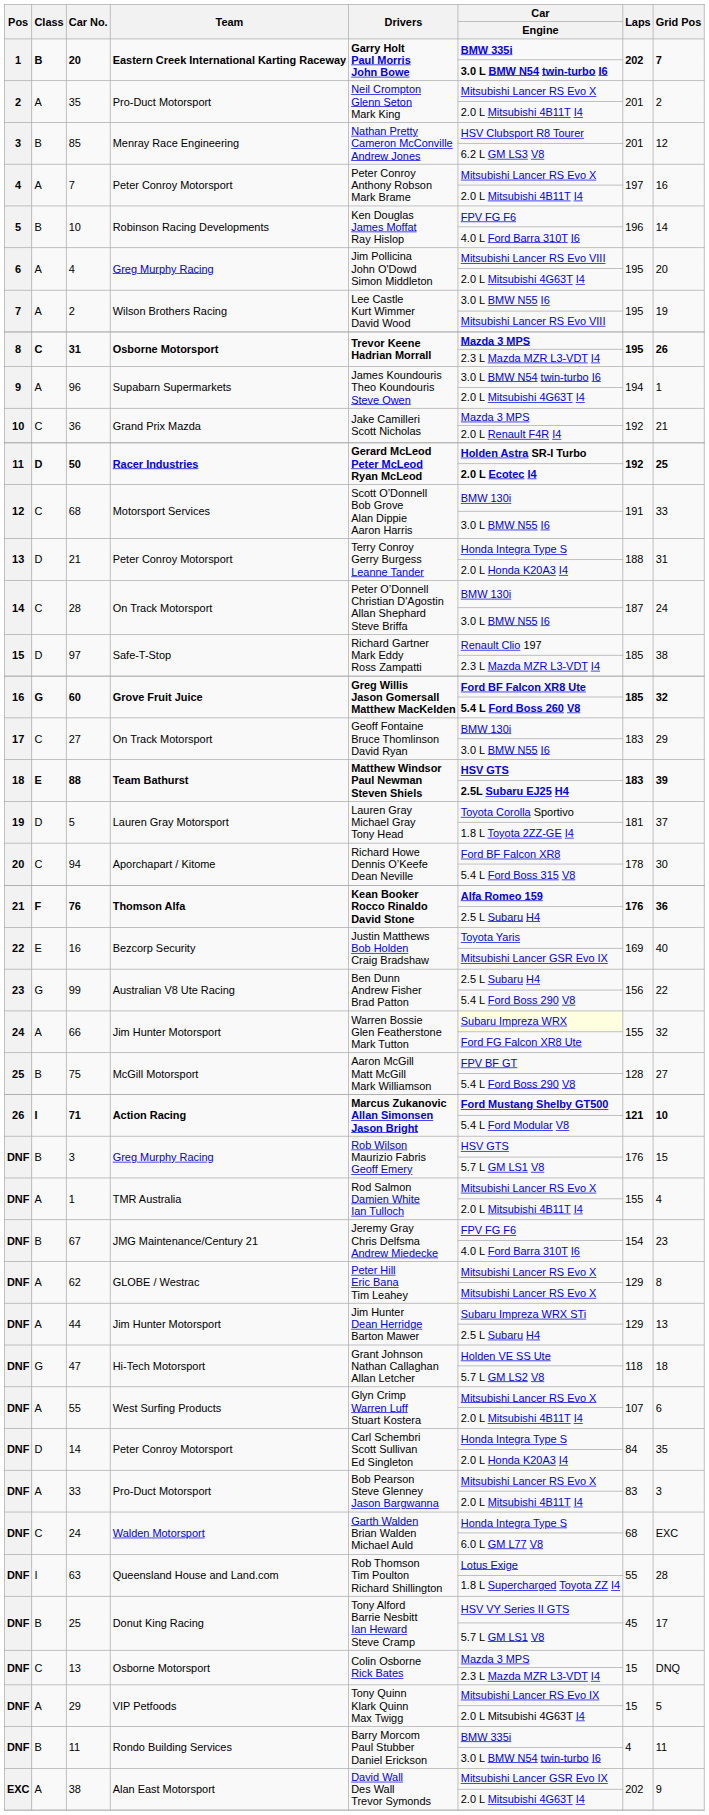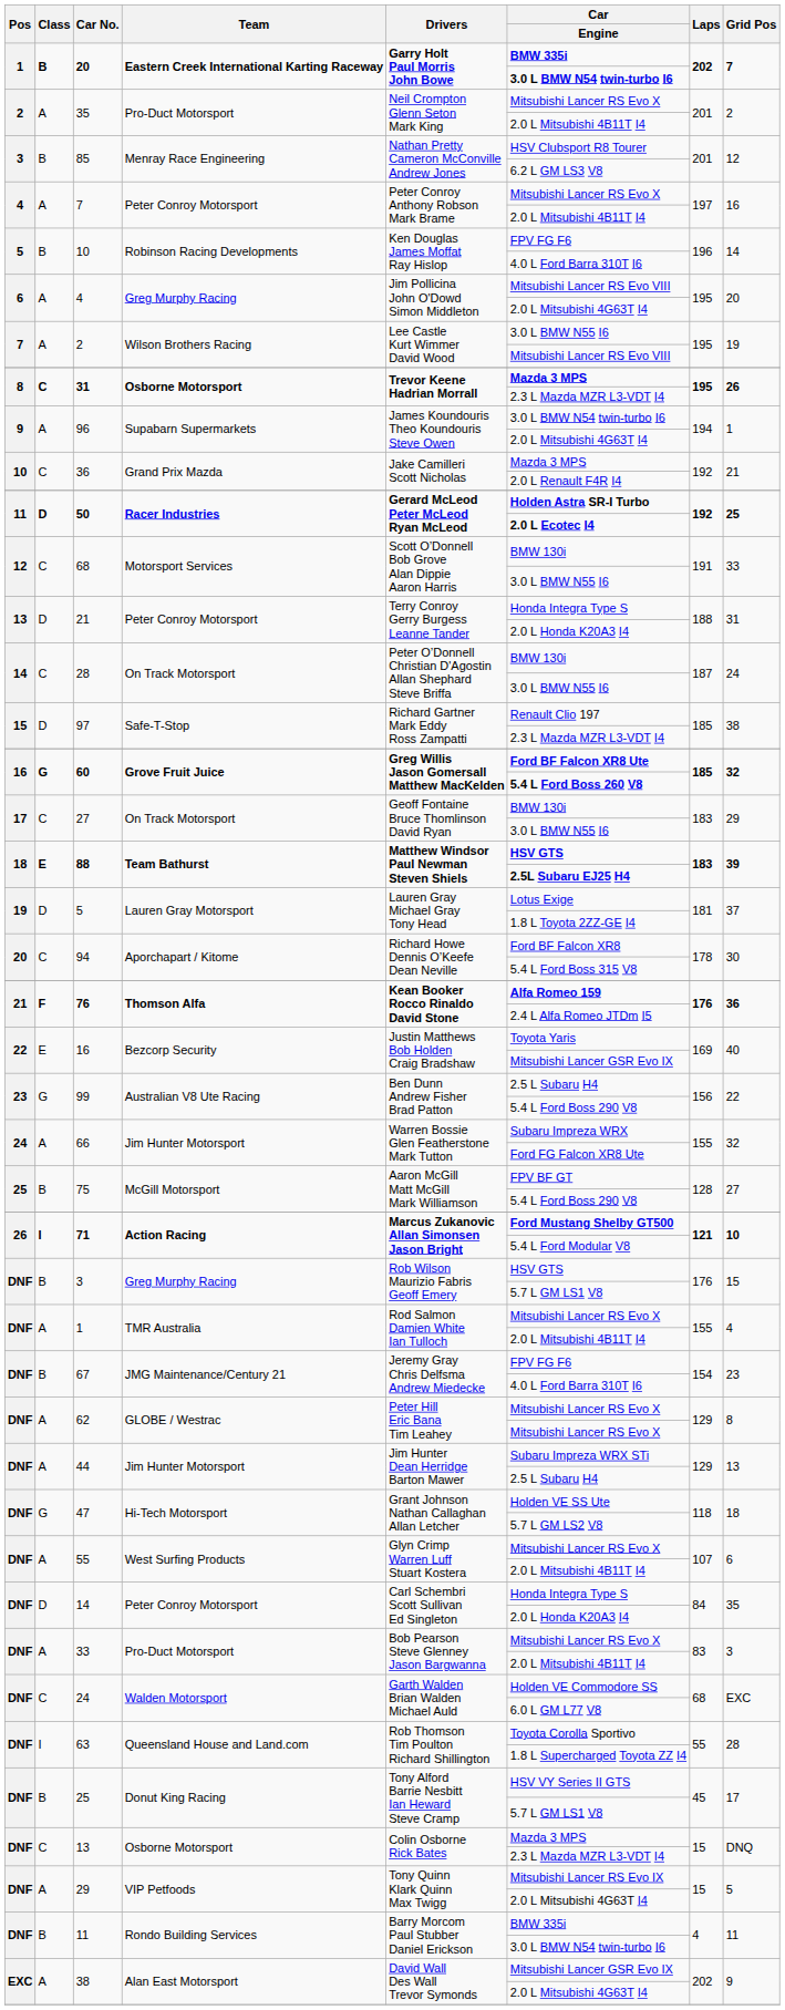 <table class="wikitable" style="font-size: 95%;">
 <tr style="font-weight:bold">
 <th rowspan=2>Pos</th>
 <th rowspan=2>Class</th>
 <th rowspan=2>Car No.</th>
 <th rowspan=2>Team</th>
 <th rowspan=2>Drivers</th>
 <th>Car</th>
 <th rowspan=2>Laps</th>
 <th rowspan=2>Grid Pos</th>
 </tr>
 <tr>
 <th>Engine</th>
 </tr>
 <tr style="font-weight:bold">
 <th rowspan=2>1</th>
 <td rowspan=2>B</td>
 <td rowspan=2>20</td>
 <td rowspan=2>Eastern Creek International Karting Raceway</td>
 <td rowspan=2> Garry Holt<br>  <a href='#'>Paul Morris</a><br>  <a href='#'>John Bowe</a></td>
 <td><a href='#'>BMW 335i</a></td>
 <td rowspan=2>202</td>
 <td rowspan=2>7</td>
 </tr>
 <tr style="font-weight:bold">
 <td>3.0 L <a href='#'>BMW N54</a> <a href='#'>twin-turbo</a> <a href='#'>I6</a></td>
 </tr>
 <tr>
 <th rowspan=2>2</th>
 <td rowspan=2>A</td>
 <td rowspan=2>35</td>
 <td rowspan=2>Pro-Duct Motorsport</td>
 <td rowspan=2> <a href='#'>Neil Crompton</a><br> <a href='#'>Glenn Seton</a><br> Mark King</td>
 <td><a href='#'>Mitsubishi Lancer RS Evo X</a></td>
 <td rowspan=2>201</td>
 <td rowspan=2>2</td>
 </tr>
 <tr>
 <td>2.0 L <a href='#'>Mitsubishi 4B11T</a> <a href='#'>I4</a></td>
 </tr>
 <tr>
 <th rowspan=2>3</th>
 <td rowspan=2>B</td>
 <td rowspan=2>85</td>
 <td rowspan=2>Menray Race Engineering</td>
 <td rowspan=2> <a href='#'>Nathan Pretty</a><br>  <a href='#'>Cameron McConville</a><br>  <a href='#'>Andrew Jones</a></td>
 <td><a href='#'>HSV Clubsport R8 Tourer</a></td>
 <td rowspan=2>201</td>
 <td rowspan=2>12</td>
 </tr>
 <tr>
 <td>6.2 L <a href='#'>GM LS3</a> <a href='#'>V8</a></td>
 </tr>
 <tr>
 <th rowspan=2>4</th>
 <td rowspan=2>A</td>
 <td rowspan=2>7</td>
 <td rowspan=2>Peter Conroy Motorsport</td>
 <td rowspan=2> Peter Conroy<br>  Anthony Robson<br>  Mark Brame</td>
 <td><a href='#'>Mitsubishi Lancer RS Evo X</a></td>
 <td rowspan=2>197</td>
 <td rowspan=2>16</td>
 </tr>
 <tr>
 <td>2.0 L <a href='#'>Mitsubishi 4B11T</a> <a href='#'>I4</a></td>
 </tr>
 <tr>
 <th rowspan=2>5</th>
 <td rowspan=2>B</td>
 <td rowspan=2>10</td>
 <td rowspan=2>Robinson Racing Developments</td>
 <td rowspan=2> Ken Douglas<br> <a href='#'>James Moffat</a><br> Ray Hislop</td>
 <td><a href='#'>FPV FG F6</a></td>
 <td rowspan=2>196</td>
 <td rowspan=2>14</td>
 </tr>
 <tr>
 <td>4.0 L <a href='#'>Ford Barra 310T</a> <a href='#'>I6</a></td>
 </tr>
 <tr>
 <th rowspan=2>6</th>
 <td rowspan=2>A</td>
 <td rowspan=2>4</td>
 <td rowspan=2><a href='#'>Greg Murphy Racing</a></td>
 <td rowspan=2> Jim Pollicina<br> John O'Dowd<br> Simon Middleton</td>
 <td><a href='#'>Mitsubishi Lancer RS Evo VIII</a></td>
 <td rowspan=2>195</td>
 <td rowspan=2>20</td>
 </tr>
 <tr>
 <td>2.0 L <a href='#'>Mitsubishi 4G63T</a> <a href='#'>I4</a></td>
 </tr>
 <tr>
 <th rowspan=2>7</th>
 <td rowspan=2>A</td>
 <td rowspan=2>2</td>
 <td rowspan=2>Wilson Brothers Racing</td>
 <td rowspan=2> Lee Castle<br>  Kurt Wimmer<br> David Wood</td>
 <td>3.0 L <a href='#'>BMW N55</a> <a href='#'>I6</a></td>
 <td rowspan=2>195</td>
 <td rowspan=2>19</td>
 </tr>
 <tr>
 <td><a href='#'>Mitsubishi Lancer RS Evo VIII</a></td>
 </tr>
 <tr>
 </tr>
 <tr style="font-weight:bold">
 <th rowspan=2>8</th>
 <td rowspan=2>C</td>
 <td rowspan=2>31</td>
 <td rowspan=2>Osborne Motorsport</td>
 <td rowspan=2> Trevor Keene<br> Hadrian Morrall</td>
 <td><a href='#'>Mazda 3 MPS</a></td>
 <td rowspan=2>195</td>
 <td rowspan=2>26</td>
 </tr>
 <tr>
 <td>2.3 L <a href='#'>Mazda MZR L3-VDT</a> <a href='#'>I4</a></td>
 </tr>
 <tr>
 <th rowspan=2>9</th>
 <td rowspan=2>A</td>
 <td rowspan=2>96</td>
 <td rowspan=2>Supabarn Supermarkets</td>
 <td rowspan=2> James Koundouris<br>  Theo Koundouris<br>  <a href='#'>Steve Owen</a></td>
 <td>3.0 L <a href='#'>BMW N54</a> <a href='#'>twin-turbo</a> <a href='#'>I6</a></td>
 <td rowspan=2>194</td>
 <td rowspan=2>1</td>
 </tr>
 <tr>
 <td>2.0 L <a href='#'>Mitsubishi 4G63T</a> <a href='#'>I4</a></td>
 </tr>
 <tr>
 <th rowspan=2>10</th>
 <td rowspan=2>C</td>
 <td rowspan=2>36</td>
 <td rowspan=2>Grand Prix Mazda</td>
 <td rowspan=2> Jake Camilleri<br> Scott Nicholas</td>
 <td><a href='#'>Mazda 3 MPS</a></td>
 <td rowspan=2>192</td>
 <td rowspan=2>21</td>
 </tr>
 <tr>
 <td>2.0 L <a href='#'>Renault F4R</a> <a href='#'>I4</a></td>
 </tr>
 <tr>
 </tr>
 <tr style="font-weight:bold">
 <th rowspan=2>11</th>
 <td rowspan=2>D</td>
 <td rowspan=2>50</td>
 <td rowspan=2><a href='#'>Racer Industries</a></td>
 <td rowspan=2> Gerard McLeod<br> <a href='#'>Peter McLeod</a><br> Ryan McLeod</td>
 <td><a href='#'>Holden Astra</a> SR-I Turbo</td>
 <td rowspan=2>192</td>
 <td rowspan=2>25</td>
 </tr>
 <tr style="font-weight:bold">
 <td>2.0 L <a href='#'>Ecotec</a> <a href='#'>I4</a></td>
 </tr>
 <tr>
 <th rowspan=2>12</th>
 <td rowspan=2>C</td>
 <td rowspan=2>68</td>
 <td rowspan=2>Motorsport Services</td>
 <td rowspan=2> Scott O’Donnell<br> Bob Grove<br> Alan Dippie<br> Aaron Harris</td>
 <td><a href='#'>BMW 130i</a></td>
 <td rowspan=2>191</td>
 <td rowspan=2>33</td>
 </tr>
 <tr>
 <td>3.0 L <a href='#'>BMW N55</a> <a href='#'>I6</a></td>
 </tr>
 <tr>
 <th rowspan=2>13</th>
 <td rowspan=2>D</td>
 <td rowspan=2>21</td>
 <td rowspan=2>Peter Conroy Motorsport</td>
 <td rowspan=2> Terry Conroy<br> Gerry Burgess<br> <a href='#'>Leanne Tander</a></td>
 <td><a href='#'>Honda Integra Type S</a></td>
 <td rowspan=2>188</td>
 <td rowspan=2>31</td>
 </tr>
 <tr>
 <td>2.0 L <a href='#'>Honda K20A3</a> <a href='#'>I4</a></td>
 </tr>
 <tr>
 <th rowspan=2>14</th>
 <td rowspan=2>C</td>
 <td rowspan=2>28</td>
 <td rowspan=2>On Track Motorsport</td>
 <td rowspan=2> Peter O’Donnell<br> Christian D'Agostin<br> Allan Shephard<br> Steve Briffa</td>
 <td><a href='#'>BMW 130i</a></td>
 <td rowspan=2>187</td>
 <td rowspan=2>24</td>
 </tr>
 <tr>
 <td>3.0 L <a href='#'>BMW N55</a> <a href='#'>I6</a></td>
 </tr>
 <tr>
 <th rowspan=2>15</th>
 <td rowspan=2>D</td>
 <td rowspan=2>97</td>
 <td rowspan=2>Safe-T-Stop</td>
 <td rowspan=2> Richard Gartner<br>  Mark Eddy<br>  Ross Zampatti</td>
 <td><a href='#'>Renault Clio</a> 197</td>
 <td rowspan=2>185</td>
 <td rowspan=2>38</td>
 </tr>
 <tr>
 <td>2.3 L <a href='#'>Mazda MZR L3-VDT</a> <a href='#'>I4</a></td>
 </tr>
 <tr>
 </tr>
 <tr style="font-weight:bold">
 <th rowspan=2>16</th>
 <td rowspan=2>G</td>
 <td rowspan=2>60</td>
 <td rowspan=2>Grove Fruit Juice</td>
 <td rowspan=2> Greg Willis<br> Jason Gomersall<br> Matthew MacKelden</td>
 <td><a href='#'>Ford BF Falcon XR8 Ute</a></td>
 <td rowspan=2>185</td>
 <td rowspan=2>32</td>
 </tr>
 <tr style="font-weight:bold">
 <td>5.4 L <a href='#'>Ford Boss 260</a> <a href='#'>V8</a></td>
 </tr>
 <tr>
 <th rowspan=2>17</th>
 <td rowspan=2>C</td>
 <td rowspan=2>27</td>
 <td rowspan=2>On Track Motorsport</td>
 <td rowspan=2> Geoff Fontaine<br> Bruce Thomlinson<br> David Ryan</td>
 <td><a href='#'>BMW 130i</a></td>
 <td rowspan=2>183</td>
 <td rowspan=2>29</td>
 </tr>
 <tr>
 <td>3.0 L <a href='#'>BMW N55</a> <a href='#'>I6</a></td>
 </tr>
 <tr style="font-weight:bold">
 <th rowspan=2>18</th>
 <td rowspan=2>E</td>
 <td rowspan=2>88</td>
 <td rowspan=2>Team Bathurst</td>
 <td rowspan=2> Matthew Windsor<br> Paul Newman<br> Steven Shiels</td>
 <td><a href='#'>HSV GTS</a></td>
 <td rowspan=2>183</td>
 <td rowspan=2>39</td>
 </tr>
 <tr style="font-weight:bold">
 <td>2.5L <a href='#'>Subaru EJ25</a> <a href='#'>H4</a></td>
 </tr>
 <tr>
 <th rowspan=2>19</th>
 <td rowspan=2>D</td>
 <td rowspan=2>5</td>
 <td rowspan=2>Lauren Gray Motorsport</td>
 <td rowspan=2> Lauren Gray<br> Michael Gray<br> Tony Head</td>
-<td><a href='#'>Toyota Corolla</a> Sportivo</td>
+<td><a href='#'>Lotus Exige</a></td>
 <td rowspan=2>181</td>
 <td rowspan=2>37</td>
 </tr>
 <tr>
 <td>1.8 L <a href='#'>Toyota 2ZZ-GE</a> <a href='#'>I4</a></td>
 </tr>
 <tr>
 <th rowspan=2>20</th>
 <td rowspan=2>C</td>
 <td rowspan=2>94</td>
 <td rowspan=2>Aporchapart / Kitome</td>
 <td rowspan=2> Richard Howe<br> Dennis O’Keefe<br> Dean Neville</td>
 <td><a href='#'>Ford BF Falcon XR8</a></td>
 <td rowspan=2>178</td>
 <td rowspan=2>30</td>
 </tr>
 <tr>
 <td>5.4 L <a href='#'>Ford Boss 315</a> <a href='#'>V8</a></td>
 </tr>
 <tr>
 </tr>
 <tr style="font-weight:bold">
 <th rowspan=2>21</th>
 <td rowspan=2>F</td>
 <td rowspan=2>76</td>
 <td rowspan=2>Thomson Alfa</td>
 <td rowspan=2> Kean Booker<br> Rocco Rinaldo<br> David Stone</td>
 <td><a href='#'>Alfa Romeo 159</a></td>
 <td rowspan=2>176</td>
 <td rowspan=2>36</td>
 </tr>
 <tr>
-<td>2.5 L <a href='#'>Subaru</a> <a href='#'>H4</a></td>
+<td>2.4 L <a href='#'>Alfa Romeo JTDm</a> <a href='#'>I5</a></td>
 </tr>
 <tr>
 <th rowspan=2>22</th>
 <td rowspan=2>E</td>
 <td rowspan=2>16</td>
 <td rowspan=2>Bezcorp Security</td>
 <td rowspan=2> Justin Matthews<br> <a href='#'>Bob Holden</a><br> Craig Bradshaw</td>
 <td><a href='#'>Toyota Yaris</a></td>
 <td rowspan=2>169</td>
 <td rowspan=2>40</td>
 </tr>
 <tr>
 <td><a href='#'>Mitsubishi Lancer GSR Evo IX</a></td>
 </tr>
 <tr>
 <th rowspan=2>23</th>
 <td rowspan=2>G</td>
 <td rowspan=2>99</td>
 <td rowspan=2>Australian V8 Ute Racing</td>
 <td rowspan=2> Ben Dunn<br> Andrew Fisher<br> Brad Patton</td>
 <td>2.5 L <a href='#'>Subaru</a> <a href='#'>H4</a></td>
 <td rowspan=2>156</td>
 <td rowspan=2>22</td>
 </tr>
 <tr>
 <td>5.4 L <a href='#'>Ford Boss 290</a> <a href='#'>V8</a></td>
 </tr>
 <tr>
 <th rowspan=2>24</th>
 <td rowspan=2>A</td>
 <td rowspan=2>66</td>
 <td rowspan=2>Jim Hunter Motorsport</td>
 <td rowspan=2> Warren Bossie<br> Glen Featherstone<br> Mark Tutton</td>
-<td style="background: lightyellow;"><a href='#'>Subaru Impreza WRX</a></td>
+<td><a href='#'>Subaru Impreza WRX</a></td>
 <td rowspan=2>155</td>
 <td rowspan=2>32</td>
 </tr>
 <tr>
 <td><a href='#'>Ford FG Falcon XR8 Ute</a></td>
 </tr>
 <tr>
 <th rowspan=2>25</th>
 <td rowspan=2>B</td>
 <td rowspan=2>75</td>
 <td rowspan=2>McGill Motorsport</td>
 <td rowspan=2> Aaron McGill<br> Matt McGill<br> Mark Williamson</td>
 <td><a href='#'>FPV BF GT</a></td>
 <td rowspan=2>128</td>
 <td rowspan=2>27</td>
 </tr>
 <tr>
 <td>5.4 L <a href='#'>Ford Boss 290</a> <a href='#'>V8</a></td>
 </tr>
 <tr>
 </tr>
 <tr style="font-weight:bold">
 <th rowspan=2>26</th>
 <td rowspan=2>I</td>
 <td rowspan=2>71</td>
 <td rowspan=2>Action Racing</td>
 <td rowspan=2> Marcus Zukanovic<br> <a href='#'>Allan Simonsen</a><br> <a href='#'>Jason Bright</a></td>
 <td><a href='#'>Ford Mustang Shelby GT500</a></td>
 <td rowspan=2>121</td>
 <td rowspan=2>10</td>
 </tr>
 <tr>
 <td>5.4 L <a href='#'>Ford Modular</a> <a href='#'>V8</a></td>
 </tr>
 <tr>
 <th rowspan=2>DNF</th>
 <td rowspan=2>B</td>
 <td rowspan=2>3</td>
 <td rowspan=2><a href='#'>Greg Murphy Racing</a></td>
 <td rowspan=2> <a href='#'>Rob Wilson</a><br> Maurizio Fabris<br> <a href='#'>Geoff Emery</a></td>
 <td><a href='#'>HSV GTS</a></td>
 <td rowspan=2>176</td>
 <td rowspan=2>15</td>
 </tr>
 <tr>
 <td>5.7 L <a href='#'>GM LS1</a> <a href='#'>V8</a></td>
 </tr>
 <tr>
 <th rowspan=2>DNF</th>
 <td rowspan=2>A</td>
 <td rowspan=2>1</td>
 <td rowspan=2>TMR Australia</td>
 <td rowspan=2> Rod Salmon<br>  <a href='#'>Damien White</a><br> <a href='#'>Ian Tulloch</a></td>
 <td><a href='#'>Mitsubishi Lancer RS Evo X</a></td>
 <td rowspan=2>155</td>
 <td rowspan=2>4</td>
 </tr>
 <tr>
 <td>2.0 L <a href='#'>Mitsubishi 4B11T</a> <a href='#'>I4</a></td>
 </tr>
 <tr>
 <th rowspan=2>DNF</th>
 <td rowspan=2>B</td>
 <td rowspan=2>67</td>
 <td rowspan=2>JMG Maintenance/Century 21</td>
 <td rowspan=2> Jeremy Gray<br> Chris Delfsma<br> <a href='#'>Andrew Miedecke</a></td>
 <td><a href='#'>FPV FG F6</a></td>
 <td rowspan=2>154</td>
 <td rowspan=2>23</td>
 </tr>
 <tr>
 <td>4.0 L <a href='#'>Ford Barra 310T</a> <a href='#'>I6</a></td>
 </tr>
 <tr>
 <th rowspan=2>DNF</th>
 <td rowspan=2>A</td>
 <td rowspan=2>62</td>
 <td rowspan=2>GLOBE / Westrac</td>
 <td rowspan=2> <a href='#'>Peter Hill</a><br> <a href='#'>Eric Bana</a><br> Tim Leahey</td>
 <td><a href='#'>Mitsubishi Lancer RS Evo X</a></td>
 <td rowspan=2>129</td>
 <td rowspan=2>8</td>
 </tr>
 <tr>
 <td><a href='#'>Mitsubishi Lancer RS Evo X</a></td>
 </tr>
 <tr>
 <th rowspan=2>DNF</th>
 <td rowspan=2>A</td>
 <td rowspan=2>44</td>
 <td rowspan=2>Jim Hunter Motorsport</td>
 <td rowspan=2> Jim Hunter<br> <a href='#'>Dean Herridge</a><br> Barton Mawer</td>
 <td><a href='#'>Subaru Impreza WRX STi</a></td>
 <td rowspan=2>129</td>
 <td rowspan=2>13</td>
 </tr>
 <tr>
 <td>2.5 L <a href='#'>Subaru</a> <a href='#'>H4</a></td>
 </tr>
 <tr>
 <th rowspan=2>DNF</th>
 <td rowspan=2>G</td>
 <td rowspan=2>47</td>
 <td rowspan=2>Hi-Tech Motorsport</td>
 <td rowspan=2> Grant Johnson<br>  Nathan Callaghan<br> Allan Letcher</td>
 <td><a href='#'>Holden VE SS Ute</a></td>
 <td rowspan=2>118</td>
 <td rowspan=2>18</td>
 </tr>
 <tr>
 <td>5.7 L <a href='#'>GM LS2</a> <a href='#'>V8</a></td>
 </tr>
 <tr>
 <th rowspan=2>DNF</th>
 <td rowspan=2>A</td>
 <td rowspan=2>55</td>
 <td rowspan=2>West Surfing Products</td>
 <td rowspan=2> Glyn Crimp<br>  <a href='#'>Warren Luff</a> <br> Stuart Kostera</td>
 <td><a href='#'>Mitsubishi Lancer RS Evo X</a></td>
 <td rowspan=2>107</td>
 <td rowspan=2>6</td>
 </tr>
 <tr>
 <td>2.0 L <a href='#'>Mitsubishi 4B11T</a> <a href='#'>I4</a></td>
 </tr>
 <tr>
 <th rowspan=2>DNF</th>
 <td rowspan=2>D</td>
 <td rowspan=2>14</td>
 <td rowspan=2>Peter Conroy Motorsport</td>
 <td rowspan=2> Carl Schembri<br> Scott Sullivan<br> Ed Singleton</td>
 <td><a href='#'>Honda Integra Type S</a></td>
 <td rowspan=2>84</td>
 <td rowspan=2>35</td>
 </tr>
 <tr>
 <td>2.0 L <a href='#'>Honda K20A3</a> <a href='#'>I4</a></td>
 </tr>
 <tr>
 <th rowspan=2>DNF</th>
 <td rowspan=2>A</td>
 <td rowspan=2>33</td>
 <td rowspan=2>Pro-Duct Motorsport</td>
 <td rowspan=2> Bob Pearson<br> Steve Glenney<br> <a href='#'>Jason Bargwanna</a></td>
 <td><a href='#'>Mitsubishi Lancer RS Evo X</a></td>
 <td rowspan=2>83</td>
 <td rowspan=2>3</td>
 </tr>
 <tr>
 <td>2.0 L <a href='#'>Mitsubishi 4B11T</a> <a href='#'>I4</a></td>
 </tr>
 <tr>
 <th rowspan=2>DNF</th>
 <td rowspan=2>C</td>
 <td rowspan=2>24</td>
 <td rowspan=2><a href='#'>Walden Motorsport</a></td>
 <td rowspan=2> <a href='#'>Garth Walden</a><br> Brian Walden<br> Michael Auld</td>
-<td><a href='#'>Honda Integra Type S</a></td>
+<td><a href='#'>Holden VE Commodore SS</a></td>
 <td rowspan=2>68</td>
 <td rowspan=2>EXC</td>
 </tr>
 <tr>
 <td>6.0 L <a href='#'>GM L77</a> <a href='#'>V8</a></td>
 </tr>
 <tr>
 <th rowspan=2>DNF</th>
 <td rowspan=2>I</td>
 <td rowspan=2>63</td>
 <td rowspan=2>Queensland House and Land.com</td>
 <td rowspan=2> Rob Thomson<br> Tim Poulton<br> Richard Shillington</td>
-<td><a href='#'>Lotus Exige</a></td>
+<td><a href='#'>Toyota Corolla</a> Sportivo</td>
 <td rowspan=2>55</td>
 <td rowspan=2>28</td>
 </tr>
 <tr>
 <td>1.8 L <a href='#'>Supercharged</a> <a href='#'>Toyota ZZ</a> <a href='#'>I4</a></td>
 </tr>
 <tr>
 <th rowspan=2>DNF</th>
 <td rowspan=2>B</td>
 <td rowspan=2>25</td>
 <td rowspan=2>Donut King Racing</td>
 <td rowspan=2> Tony Alford<br> Barrie Nesbitt<br> <a href='#'>Ian Heward</a><br> Steve Cramp</td>
 <td><a href='#'>HSV VY Series II GTS</a></td>
 <td rowspan=2>45</td>
 <td rowspan=2>17</td>
 </tr>
 <tr>
 <td>5.7 L <a href='#'>GM LS1</a> <a href='#'>V8</a></td>
 </tr>
 <tr>
 <th rowspan=2>DNF</th>
 <td rowspan=2>C</td>
 <td rowspan=2>13</td>
 <td rowspan=2>Osborne Motorsport</td>
 <td rowspan=2> Colin Osborne<br> <a href='#'>Rick Bates</a></td>
 <td><a href='#'>Mazda 3 MPS</a></td>
 <td rowspan=2>15</td>
 <td rowspan=2>DNQ</td>
 </tr>
 <tr>
 <td>2.3 L <a href='#'>Mazda MZR L3-VDT</a> <a href='#'>I4</a></td>
 </tr>
 <tr>
 <th rowspan=2>DNF</th>
 <td rowspan=2>A</td>
 <td rowspan=2>29</td>
 <td rowspan=2>VIP Petfoods</td>
 <td rowspan=2> Tony Quinn<br>  Klark Quinn<br> Max Twigg</td>
 <td><a href='#'>Mitsubishi Lancer RS Evo IX</a></td>
 <td rowspan=2>15</td>
 <td rowspan=2>5</td>
 </tr>
 <tr>
 <td>2.0 L Mitsubishi 4G63T <a href='#'>I4</a></td>
 </tr>
 <tr>
 <th rowspan=2>DNF</th>
 <td rowspan=2>B</td>
 <td rowspan=2>11</td>
 <td rowspan=2>Rondo Building Services</td>
 <td rowspan=2> Barry Morcom<br> Paul Stubber<br> Daniel Erickson</td>
 <td><a href='#'>BMW 335i</a></td>
 <td rowspan=2>4</td>
 <td rowspan=2>11</td>
 </tr>
 <tr>
 <td>3.0 L <a href='#'>BMW N54</a> <a href='#'>twin-turbo</a> <a href='#'>I6</a></td>
 </tr>
 <tr>
 <th rowspan=2>EXC</th>
 <td rowspan=2>A</td>
 <td rowspan=2>38</td>
 <td rowspan=2>Alan East Motorsport</td>
 <td rowspan=2> <a href='#'>David Wall</a><br> Des Wall<br>  Trevor Symonds</td>
 <td><a href='#'>Mitsubishi Lancer GSR Evo IX</a></td>
 <td rowspan=2>202</td>
 <td rowspan=2>9</td>
 </tr>
 <tr>
 <td>2.0 L <a href='#'>Mitsubishi 4G63T</a> <a href='#'>I4</a></td>
 </tr>
 <tr>
 </tr>
 </table>
